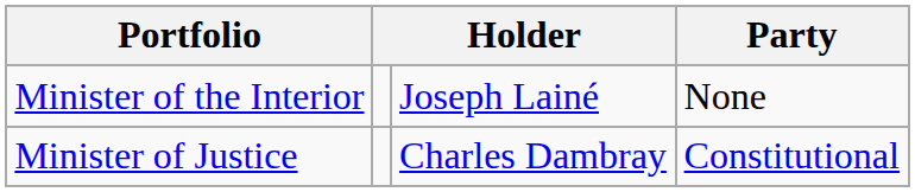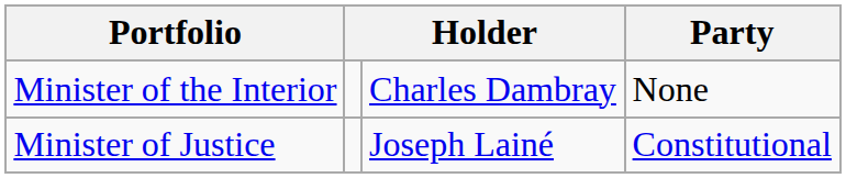 <table class="wikitable">
 <tr>
 <th>Portfolio</th>
 <th colspan=2>Holder</th>
 <th>Party</th>
 </tr>
 <tr>
 <td><a href='#'>Minister of the Interior</a></td>
 <td style="background:"></td>
-<td><a href='#'>Joseph Lainé</a></td>
+<td><a href='#'>Charles Dambray</a></td>
 <td>None</td>
 </tr>
 <tr>
 <td><a href='#'>Minister of Justice</a></td>
 <td style="background:"></td>
-<td><a href='#'>Charles Dambray</a></td>
+<td><a href='#'>Joseph Lainé</a></td>
 <td><a href='#'>Constitutional</a></td>
 </tr>
 </table>
